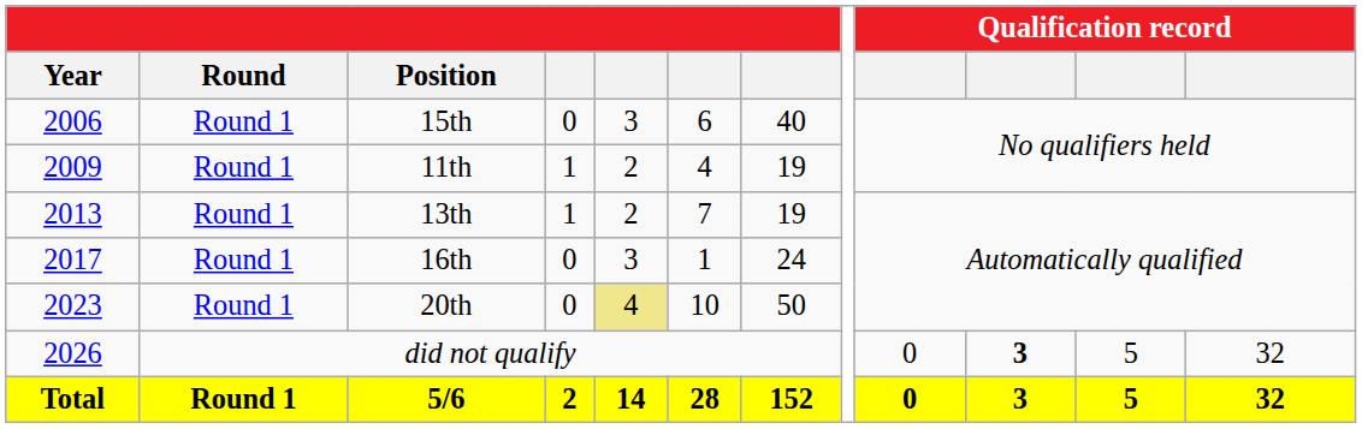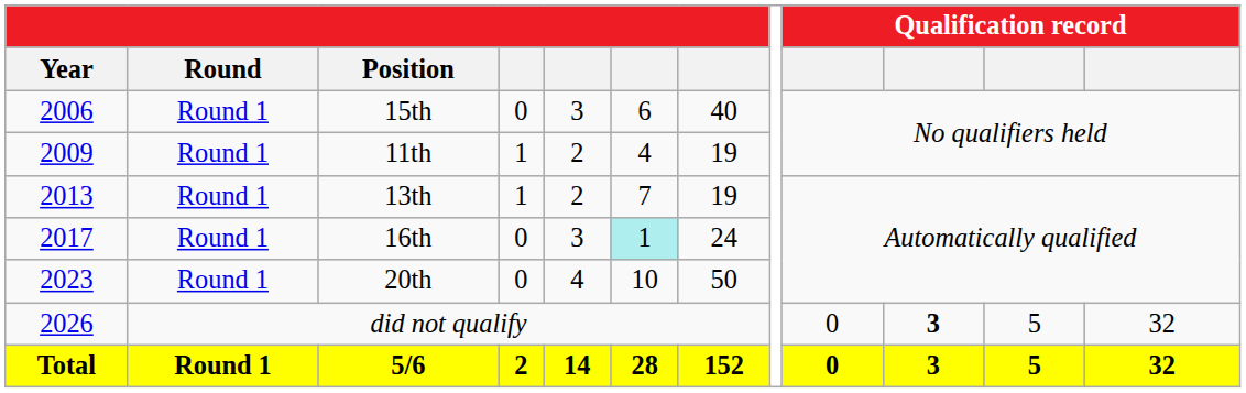 <table class="wikitable" style="text-align: center;">
 <tr>
 <th style="background:#ee1c25ff;" colspan="7"><a href='#'></a></th>
 <th style="background:white; width:1%;" rowspan="9"></th>
 <th style="background:#ee1c25ff; color:#FFFFFF;" colspan="5">Qualification record</th>
 </tr>
 <tr>
 <th>Year</th>
 <th>Round</th>
 <th>Position</th>
 <th></th>
 <th></th>
 <th></th>
 <th></th>
 <th></th>
 <th></th>
 <th></th>
 <th></th>
 </tr>
 <tr>
 <td> <a href='#'>2006</a></td>
 <td><a href='#'>Round 1</a></td>
 <td>15th</td>
 <td>0</td>
 <td>3</td>
 <td>6</td>
 <td>40</td>
 <td colspan=5 rowspan=2 align=center><em>No qualifiers held</em></td>
 </tr>
 <tr>
 <td> <a href='#'>2009</a></td>
 <td><a href='#'>Round 1</a></td>
 <td>11th</td>
 <td>1</td>
 <td>2</td>
 <td>4</td>
 <td>19</td>
 </tr>
 <tr>
 <td> <a href='#'>2013</a></td>
 <td><a href='#'>Round 1</a></td>
 <td>13th</td>
 <td>1</td>
 <td>2</td>
 <td>7</td>
 <td>19</td>
 <td colspan=5 rowspan=3 align=center><em>Automatically qualified</em></td>
 </tr>
 <tr>
 <td> <a href='#'>2017</a></td>
 <td><a href='#'>Round 1</a></td>
 <td>16th</td>
 <td>0</td>
 <td>3</td>
-<td>1</td>
+<td style="background: paleturquoise;">1</td>
 <td>24</td>
 </tr>
 <tr>
 <td> <a href='#'>2023</a></td>
 <td><a href='#'>Round 1</a></td>
 <td>20th</td>
 <td>0</td>
-<td style="background: khaki;">4</td>
+<td>4</td>
 <td>10</td>
 <td>50</td>
 </tr>
 <tr>
 <td><a href='#'>2026</a></td>
 <td colspan=6 align=center><em>did not qualify</em></td>
 <td>0</td>
 <td><strong>3</strong></td>
 <td>5</td>
 <td>32</td>
 </tr>
 <tr>
 <th style="color:black; background:#ffff00ff;"><strong>Total</strong></th>
 <th style="color:black; background:#ffff00ff;"><strong>Round 1</strong></th>
 <th style="color:black; background:#ffff00ff;"><strong>5/6</strong></th>
 <th style="color:black; background:#ffff00ff;"><strong>2</strong></th>
 <th style="color:black; background:#ffff00ff;"><strong>14</strong></th>
 <th style="color:black; background:#ffff00ff;"><strong>28</strong></th>
 <th style="color:black; background:#ffff00ff;"><strong>152</strong></th>
 <th style="color:black; background:#ffff00ff;"><strong>0</strong></th>
 <th style="color:black; background:#ffff00ff;"><strong>3</strong></th>
 <th style="color:black; background:#ffff00ff;"><strong>5</strong></th>
 <th style="color:black; background:#ffff00ff;"><strong>32</strong></th>
 </tr>
 </table>
